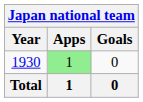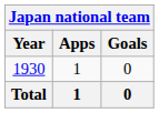 <table class="wikitable" style="text-align:center">
 <tr>
 <th colspan=3><a href='#'>Japan national team</a></th>
 </tr>
 <tr>
 <th>Year</th>
 <th>Apps</th>
 <th>Goals</th>
 </tr>
 <tr>
 <td><a href='#'>1930</a></td>
-<td style="background: lightgreen;">1</td>
+<td>1</td>
 <td>0</td>
 </tr>
 <tr>
 <th>Total</th>
 <th>1</th>
 <th>0</th>
 </tr>
 </table>
